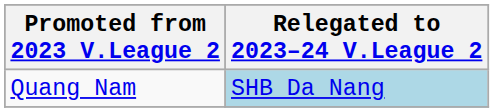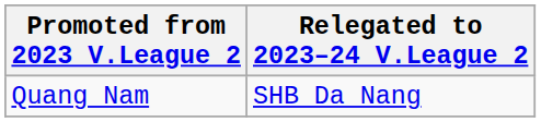 <table class="wikitable">
 <tr>
 <th>Promoted from<br><a href='#'>2023 V.League 2</a></th>
 <th>Relegated to<br><a href='#'>2023–24 V.League 2</a></th>
 </tr>
 <tr>
 <td><a href='#'>Quang Nam</a></td>
-<td style="background: lightblue;"><a href='#'>SHB Da Nang</a></td>
+<td><a href='#'>SHB Da Nang</a></td>
 </tr>
 </table>
